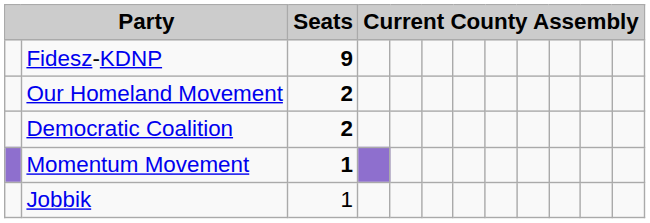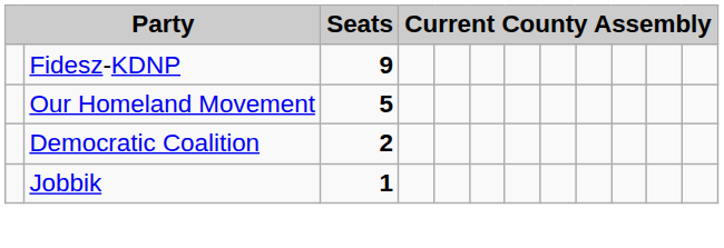 <table class="wikitable">
 <tr>
 <th style="background:#ccc" colspan="2">Party</th>
 <th style="background:#ccc">Seats</th>
 <th style="background:#ccc" colspan="9">Current County Assembly</th>
 </tr>
 <tr>
 <td style="background-color: "> </td>
 <td><a href='#'>Fidesz</a>-<a href='#'>KDNP</a></td>
 <td style="text-align: right"><strong>9</strong></td>
 <td style="background-color: "> </td>
 <td style="background-color: "> </td>
 <td style="background-color: "> </td>
 <td style="background-color: "> </td>
 <td style="background-color: "> </td>
 <td style="background-color: "> </td>
 <td style="background-color: "> </td>
 <td style="background-color: "> </td>
 <td style="background-color: "> </td>
 </tr>
 <tr>
 <td style="background-color: "> </td>
 <td><a href='#'>Our Homeland Movement</a></td>
-<td style="text-align: right"><strong>2</strong></td>
+<td style="text-align: right"><strong>5</strong></td>
 <td style="background-color: "> </td>
 <td style="background-color: "> </td>
 <td> </td>
 <td> </td>
 <td> </td>
 <td> </td>
 <td> </td>
 <td> </td>
 <td> </td>
 </tr>
 <tr>
 <td style="background-color: "> </td>
 <td><a href='#'>Democratic Coalition</a></td>
 <td style="text-align: right"><strong>2</strong></td>
 <td style="background-color: "> </td>
 <td style="background-color: "> </td>
 <td> </td>
 <td> </td>
 <td> </td>
 <td> </td>
 <td> </td>
 <td> </td>
 <td> </td>
 </tr>
 <tr>
-<td style="background-color: #8E6FCE"> </td>
-<td><a href='#'>Momentum Movement</a></td>
-<td style="text-align: right"><strong>1</strong></td>
-<td style="background-color: #8E6FCE"> </td>
-<td> </td>
-<td> </td>
-<td> </td>
-<td> </td>
-<td> </td>
-<td> </td>
-<td> </td>
-<td> </td>
-</tr>
-<tr>
 <td style="background-color: "> </td>
 <td><a href='#'>Jobbik</a></td>
-<td style="text-align: right">1</td>
+<td style="text-align: right"><strong>1</strong></td>
 <td style="background-color: "> </td>
 <td> </td>
 <td> </td>
 <td> </td>
 <td> </td>
 <td> </td>
 <td> </td>
 <td> </td>
 <td> </td>
 </tr>
 </table>
